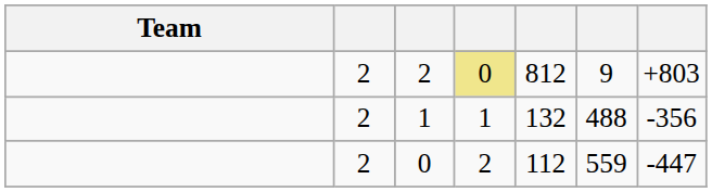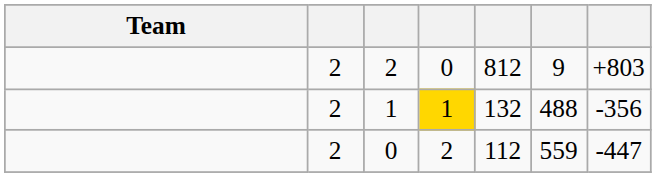 <table class="wikitable" style="text-align: center; font-size: 90%;">
 <tr>
 <th width=165>Team</th>
 <th width=25></th>
 <th width=25></th>
 <th width=25></th>
 <th width=25></th>
 <th width=25></th>
 <th width=25></th>
 </tr>
 <tr>
 <td style="text-align:left;"></td>
 <td>2</td>
 <td>2</td>
-<td style="background: khaki;">0</td>
+<td>0</td>
 <td>812</td>
 <td>9</td>
 <td>+803</td>
 </tr>
 <tr>
 <td style="text-align:left;"></td>
 <td>2</td>
 <td>1</td>
-<td>1</td>
+<td style="background: gold;">1</td>
 <td>132</td>
 <td>488</td>
 <td>-356</td>
 </tr>
 <tr>
 <td style="text-align:left;"></td>
 <td>2</td>
 <td>0</td>
 <td>2</td>
 <td>112</td>
 <td>559</td>
 <td>-447</td>
 </tr>
 </table>
